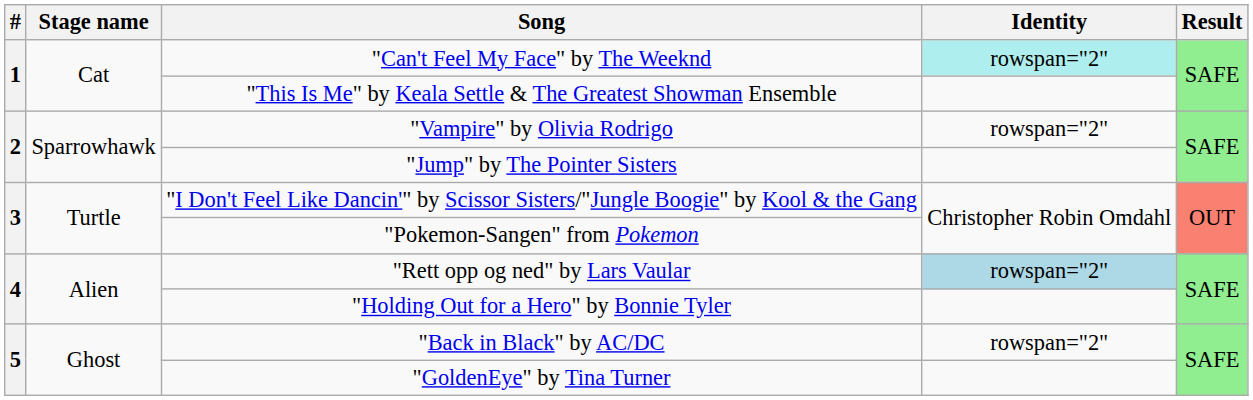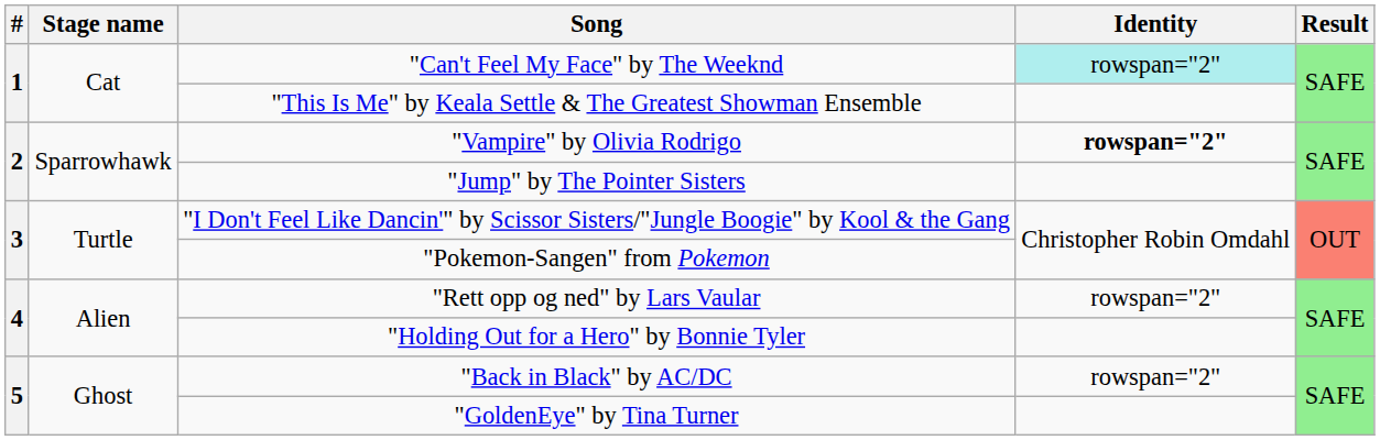 <table class="wikitable plainrowheaders" style="text-align: center;">
 <tr>
 <th>#</th>
 <th>Stage name</th>
 <th>Song</th>
 <th>Identity</th>
 <th>Result</th>
 </tr>
 <tr>
 <th rowspan="2">1</th>
 <td rowspan="2">Cat</td>
 <td>"<a href='#'>Can't Feel My Face</a>" by <a href='#'>The Weeknd</a></td>
 <td style="background: paleturquoise;">rowspan="2" </td>
 <td rowspan="2" bgcolor="lightgreen">SAFE</td>
 </tr>
 <tr>
 <td>"<a href='#'>This Is Me</a>" by <a href='#'>Keala Settle</a> & <a href='#'>The Greatest Showman</a> Ensemble</td>
 </tr>
 <tr>
 <th rowspan="2">2</th>
 <td rowspan="2">Sparrowhawk</td>
 <td>"<a href='#'>Vampire</a>" by <a href='#'>Olivia Rodrigo</a></td>
-<td>rowspan="2" </td>
+<td><strong>rowspan="2" </strong></td>
 <td rowspan="2" bgcolor="lightgreen">SAFE</td>
 </tr>
 <tr>
 <td>"<a href='#'>Jump</a>" by <a href='#'>The Pointer Sisters</a></td>
 </tr>
 <tr>
 <th rowspan="2">3</th>
 <td rowspan="2">Turtle</td>
 <td>"<a href='#'>I Don't Feel Like Dancin'</a>" by <a href='#'>Scissor Sisters</a>/"<a href='#'>Jungle Boogie</a>" by <a href='#'>Kool & the Gang</a></td>
 <td rowspan="2">Christopher Robin Omdahl</td>
 <td rowspan="2" bgcolor="salmon">OUT</td>
 </tr>
 <tr>
 <td>"Pokemon-Sangen" from <em><a href='#'>Pokemon</a></em></td>
 </tr>
 <tr>
 <th rowspan="2">4</th>
 <td rowspan="2">Alien</td>
 <td>"Rett opp og ned" by <a href='#'>Lars Vaular</a></td>
-<td style="background: lightblue;">rowspan="2" </td>
+<td>rowspan="2" </td>
 <td rowspan="2" bgcolor="lightgreen">SAFE</td>
 </tr>
 <tr>
 <td>"<a href='#'>Holding Out for a Hero</a>" by <a href='#'>Bonnie Tyler</a></td>
 </tr>
 <tr>
 <th rowspan="2">5</th>
 <td rowspan="2">Ghost</td>
 <td>"<a href='#'>Back in Black</a>" by <a href='#'>AC/DC</a></td>
 <td>rowspan="2" </td>
 <td rowspan="2" bgcolor="lightgreen">SAFE</td>
 </tr>
 <tr>
 <td>"<a href='#'>GoldenEye</a>" by <a href='#'>Tina Turner</a></td>
 </tr>
 </table>
